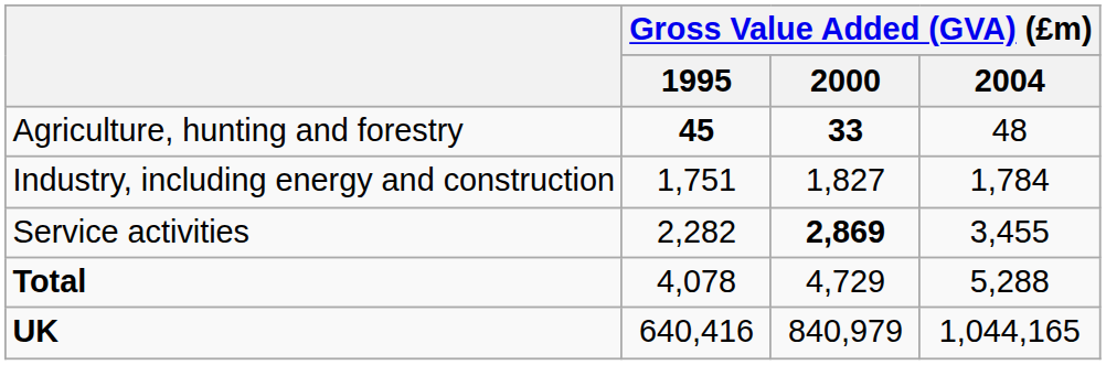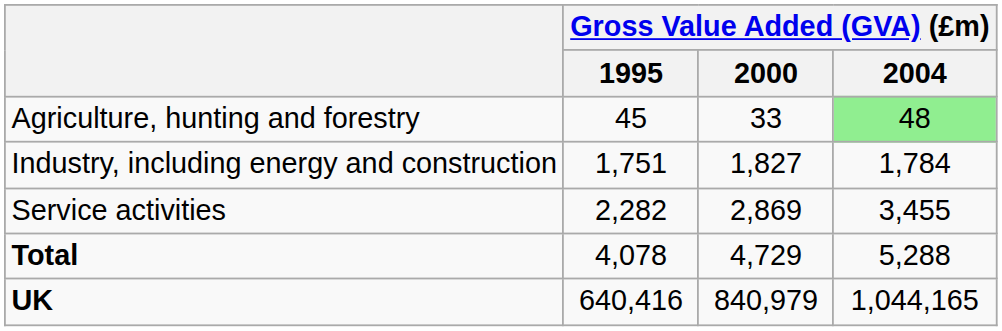 <table class="wikitable">
 <tr>
 <th rowspan=2></th>
 <th colspan=3><a href='#'>Gross Value Added (GVA)</a> (£m)</th>
 </tr>
 <tr>
 <th>1995</th>
 <th>2000</th>
 <th>2004</th>
 </tr>
 <tr>
 <td>Agriculture, hunting and forestry</td>
-<td align="center"><strong>45</strong></td>
-<td align="center"><strong>33</strong></td>
-<td align="center">48</td>
+<td align="center">45</td>
+<td align="center">33</td>
+<td align="center" style="background: lightgreen;">48</td>
 </tr>
 <tr>
 <td>Industry, including energy and construction</td>
 <td align="center">1,751</td>
 <td align="center">1,827</td>
 <td align="center">1,784</td>
 </tr>
 <tr>
 <td>Service activities</td>
 <td align="center">2,282</td>
-<td align="center"><strong>2,869</strong></td>
+<td align="center">2,869</td>
 <td align="center">3,455</td>
 </tr>
 <tr>
 <td><strong>Total</strong></td>
 <td align="center">4,078</td>
 <td align="center">4,729</td>
 <td align="center">5,288</td>
 </tr>
 <tr>
 <td><strong>UK</strong></td>
 <td align="center">640,416</td>
 <td align="center">840,979</td>
 <td align="center">1,044,165</td>
 </tr>
 </table>
